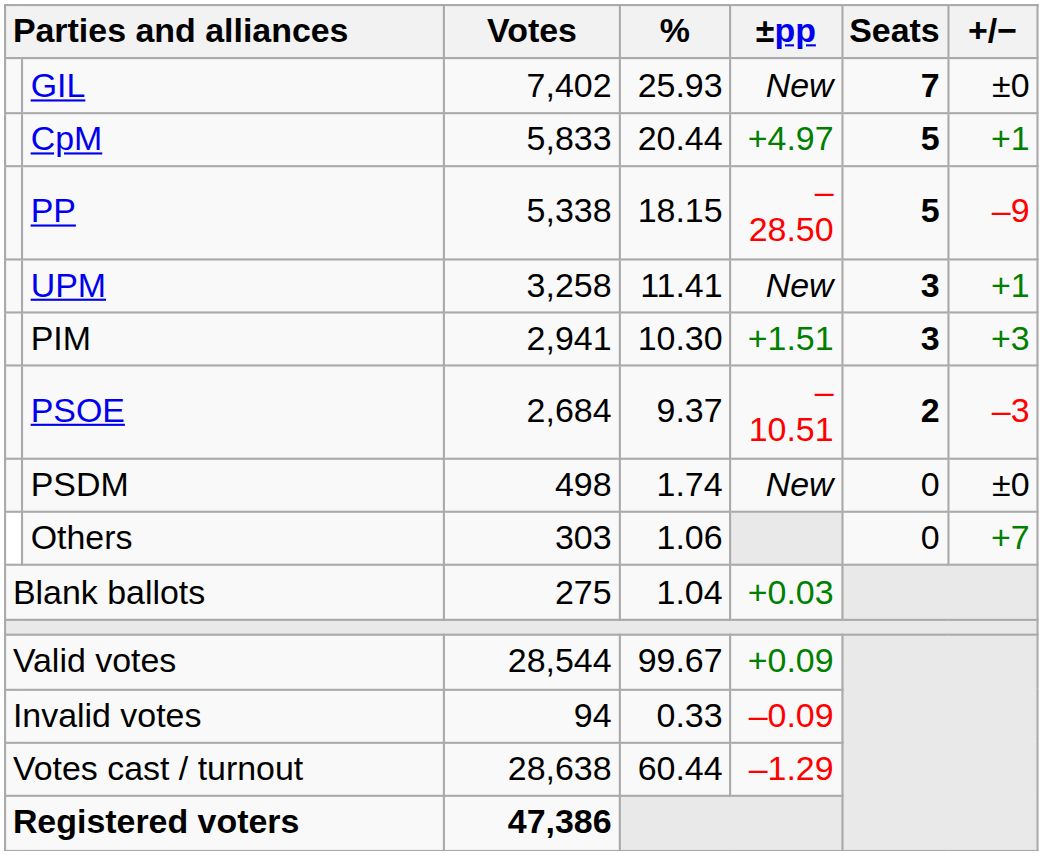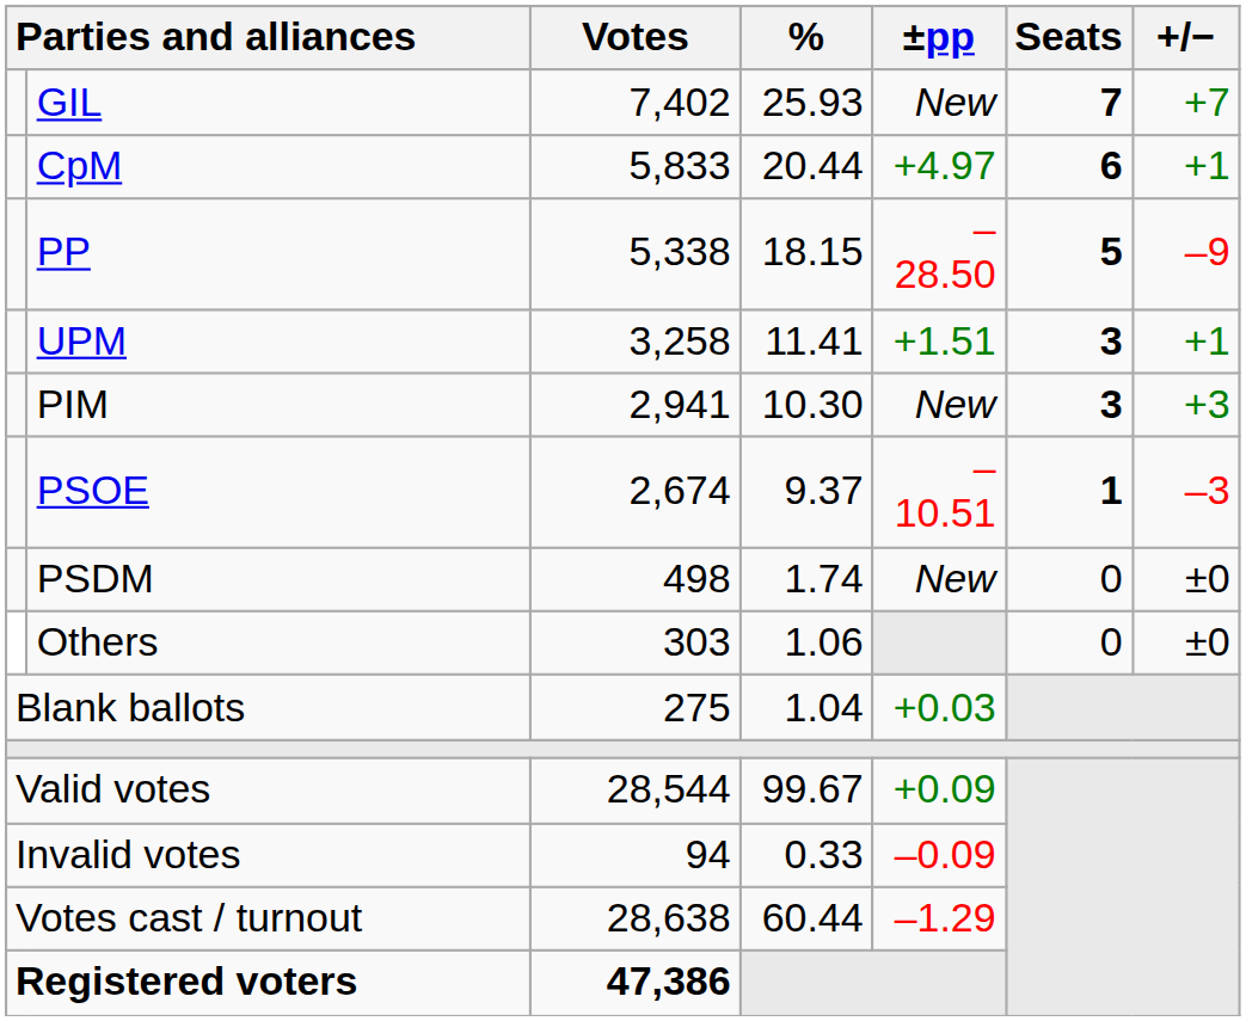 <table class="wikitable" style="text-align:right;">
 <tr>
 <th style="text-align:left;" colspan="2" width="200">Parties and alliances</th>
 <th width="75">Votes</th>
 <th width="45">%</th>
 <th width="45">±<a href='#'>pp</a></th>
 <th width="35">Seats</th>
 <th width="35">+/−</th>
 </tr>
 <tr>
 <td width="1" style="color:inherit;background:"></td>
 <td align="left"><a href='#'>GIL</a></td>
 <td>7,402</td>
 <td>25.93</td>
 <td><em>New</em></td>
 <td><strong>7</strong></td>
-<td>±0</td>
+<td style="color:green;">+7</td>
 </tr>
 <tr>
 <td style="color:inherit;background:"></td>
 <td align="left"><a href='#'>CpM</a></td>
 <td>5,833</td>
 <td>20.44</td>
 <td style="color:green;">+4.97</td>
-<td><strong>5</strong></td>
+<td><strong>6</strong></td>
 <td style="color:green;">+1</td>
 </tr>
 <tr>
 <td style="color:inherit;background:"></td>
 <td align="left"><a href='#'>PP</a></td>
 <td>5,338</td>
 <td>18.15</td>
 <td style="color:red;">–28.50</td>
 <td><strong>5</strong></td>
 <td style="color:red;">–9</td>
 </tr>
 <tr>
 <td style="color:inherit;background:"></td>
 <td align="left"><a href='#'>UPM</a></td>
 <td>3,258</td>
 <td>11.41</td>
-<td><em>New</em></td>
+<td style="color:green;">+1.51</td>
 <td><strong>3</strong></td>
 <td style="color:green;">+1</td>
 </tr>
 <tr>
 <td style="color:inherit;background:"></td>
 <td align="left">PIM</td>
 <td>2,941</td>
 <td>10.30</td>
-<td style="color:green;">+1.51</td>
+<td><em>New</em></td>
 <td><strong>3</strong></td>
 <td style="color:green;">+3</td>
 </tr>
 <tr>
 <td style="color:inherit;background:"></td>
 <td align="left"><a href='#'>PSOE</a></td>
-<td>2,684</td>
+<td>2,674</td>
 <td>9.37</td>
 <td style="color:red;">–10.51</td>
-<td><strong>2</strong></td>
+<td><strong>1</strong></td>
 <td style="color:red;">–3</td>
 </tr>
 <tr>
 <td style="color:inherit;background:"></td>
 <td align="left">PSDM</td>
 <td>498</td>
 <td>1.74</td>
 <td><em>New</em></td>
 <td>0</td>
 <td>±0</td>
 </tr>
 <tr>
 <td bgcolor="white"></td>
 <td align="left">Others</td>
 <td>303</td>
 <td>1.06</td>
 <td bgcolor="#E9E9E9"></td>
 <td>0</td>
-<td style="color:green;">+7</td>
+<td>±0</td>
 </tr>
 <tr>
 <td align="left" colspan="2">Blank ballots</td>
 <td>275</td>
 <td>1.04</td>
 <td style="color:green;">+0.03</td>
 <td bgcolor="#E9E9E9" colspan="2"></td>
 </tr>
 <tr>
 <td colspan="7" bgcolor="#E9E9E9"></td>
 </tr>
 <tr>
 <td align="left" colspan="2">Valid votes</td>
 <td>28,544</td>
 <td>99.67</td>
 <td style="color:green;">+0.09</td>
 <td bgcolor="#E9E9E9" colspan="2" rowspan="4"></td>
 </tr>
 <tr>
 <td align="left" colspan="2">Invalid votes</td>
 <td>94</td>
 <td>0.33</td>
 <td style="color:red;">–0.09</td>
 </tr>
 <tr>
 <td align="left" colspan="2">Votes cast / turnout</td>
 <td>28,638</td>
 <td>60.44</td>
 <td style="color:red;">–1.29</td>
 </tr>
 <tr style="font-weight:bold;">
 <td align="left" colspan="2">Registered voters</td>
 <td>47,386</td>
 <td bgcolor="#E9E9E9" colspan="2"></td>
 </tr>
 </table>
